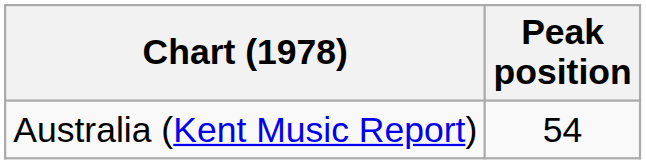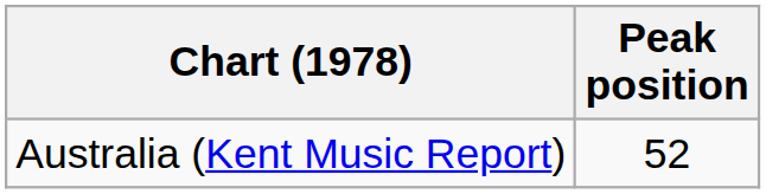 <table class="wikitable">
 <tr>
 <th scope="col">Chart (1978)</th>
 <th>Peak<br>position</th>
 </tr>
 <tr>
 <td>Australia (<a href='#'>Kent Music Report</a>)</td>
-<td style="text-align:center;">54</td>
+<td style="text-align:center;">52</td>
 </tr>
 </table>
